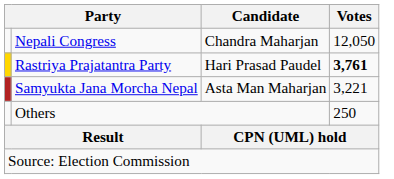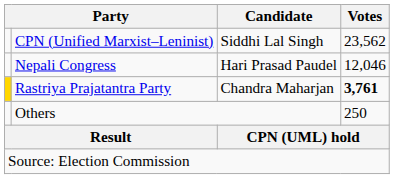 <table class="wikitable">
 <tr>
 <th colspan="2">Party</th>
 <th>Candidate</th>
 <th>Votes</th>
 </tr>
 <tr>
 <td style="background-color:"></td>
+<td><a href='#'>CPN (Unified Marxist–Leninist)</a></td>
+<td>Siddhi Lal Singh</td>
+<td>23,562</td>
+</tr>
+<tr>
+<td style="background-color:"></td>
 <td><a href='#'>Nepali Congress</a></td>
-<td>Chandra Maharjan</td>
-<td>12,050</td>
+<td>Hari Prasad Paudel</td>
+<td>12,046</td>
 </tr>
 <tr>
 <td style="background-color:gold"></td>
 <td><a href='#'>Rastriya Prajatantra Party</a></td>
-<td>Hari Prasad Paudel</td>
+<td>Chandra Maharjan</td>
 <td><strong>3,761</strong></td>
-</tr>
-<tr>
-<td style="background-color:firebrick"></td>
-<td><a href='#'>Samyukta Jana Morcha Nepal</a></td>
-<td>Asta Man Maharjan</td>
-<td>3,221</td>
 </tr>
 <tr>
 <td></td>
 <td colspan="2">Others</td>
 <td>250</td>
 </tr>
 <tr>
 <th colspan="2">Result</th>
 <th colspan="2">CPN (UML) hold</th>
 </tr>
 <tr>
 <td colspan="4">Source: Election Commission </td>
 </tr>
 </table>
